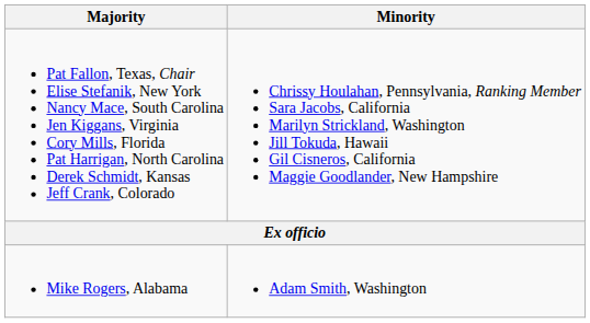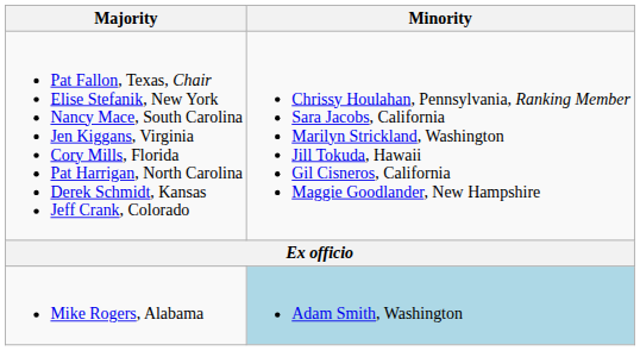 <table class=wikitable>
 <tr>
 <th>Majority</th>
 <th>Minority</th>
 </tr>
 <tr>
 <td><br><ul><li><a href='#'>Pat Fallon</a>, Texas, <em>Chair</em></li><li><a href='#'>Elise Stefanik</a>, New York</li><li><a href='#'>Nancy Mace</a>, South Carolina</li><li><a href='#'>Jen Kiggans</a>, Virginia</li><li><a href='#'>Cory Mills</a>, Florida</li><li><a href='#'>Pat Harrigan</a>, North Carolina</li><li><a href='#'>Derek Schmidt</a>, Kansas</li><li><a href='#'>Jeff Crank</a>, Colorado</li></ul></td>
 <td><br><ul><li><a href='#'>Chrissy Houlahan</a>, Pennsylvania, <em>Ranking Member</em></li><li><a href='#'>Sara Jacobs</a>, California</li><li><a href='#'>Marilyn Strickland</a>, Washington</li><li><a href='#'>Jill Tokuda</a>, Hawaii</li><li><a href='#'>Gil Cisneros</a>, California</li><li><a href='#'>Maggie Goodlander</a>, New Hampshire</li></ul></td>
 </tr>
 <tr>
 <th colspan=2><em>Ex officio</em></th>
 </tr>
 <tr>
 <td><br><ul><li><a href='#'>Mike Rogers</a>, Alabama</li></ul></td>
-<td><br><ul><li><a href='#'>Adam Smith</a>, Washington</li></ul></td>
+<td style="background: lightblue;"><br><ul><li><a href='#'>Adam Smith</a>, Washington</li></ul></td>
 </tr>
 </table>
